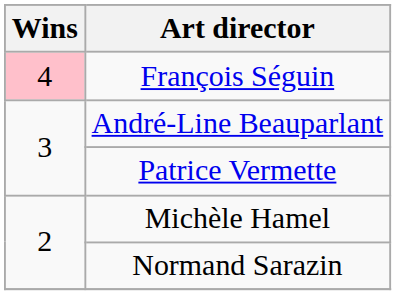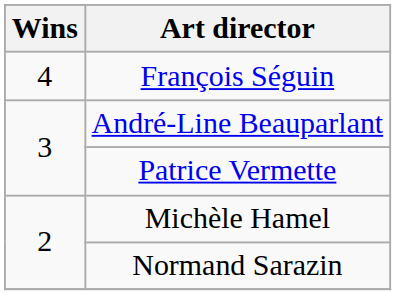 <table class="wikitable" style="text-align:center;">
 <tr>
 <th scope="col" width="17">Wins</th>
 <th scope="col" align="center">Art director</th>
 </tr>
 <tr>
-<td rowspan="1" style="background: pink; text-align:center;">4</td>
+<td rowspan="1" style="text-align:center;">4</td>
 <td><a href='#'>François Séguin</a></td>
 </tr>
 <tr>
 <td rowspan="2" style="text-align:center;">3</td>
 <td><a href='#'>André-Line Beauparlant</a></td>
 </tr>
 <tr>
 <td><a href='#'>Patrice Vermette</a></td>
 </tr>
 <tr>
 <td rowspan="2" style="text-align:center;">2</td>
 <td>Michèle Hamel</td>
 </tr>
 <tr>
 <td>Normand Sarazin</td>
 </tr>
 <tr>
 </tr>
 </table>
